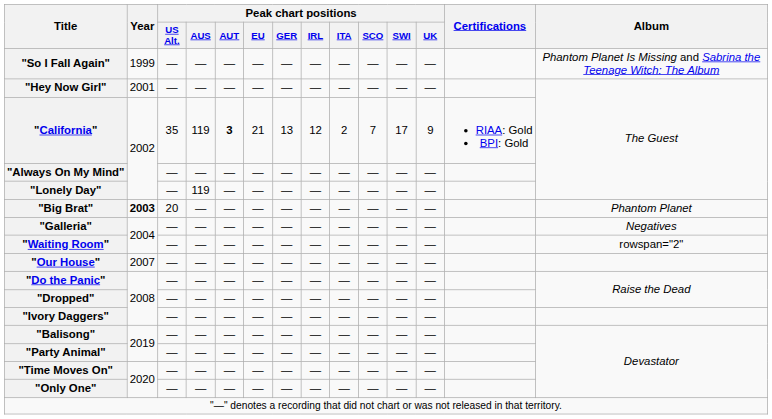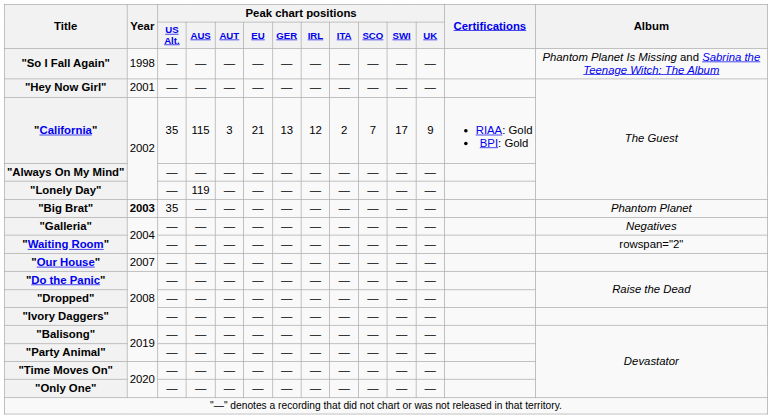 <table class="wikitable plainrowheaders" style="text-align:center;">
 <tr>
 <th scope="col" rowspan="2">Title</th>
 <th scope="col" rowspan="2">Year</th>
 <th scope="col" colspan="10">Peak chart positions</th>
 <th scope="col" rowspan="2"><a href='#'>Certifications</a></th>
 <th scope="col" rowspan="2" style="width:20em;">Album</th>
 </tr>
 <tr>
 <th scope="col" style="width:2.5em;font-size:85%;"><a href='#'>US<br>Alt.</a><br></th>
 <th scope="col" style="width:2.5em;font-size:85%;"><a href='#'>AUS</a><br></th>
 <th scope="col" style="width:2.5em;font-size:85%;"><a href='#'>AUT</a><br></th>
 <th scope="col" style="width:2.5em;font-size:85%;"><a href='#'>EU</a><br></th>
 <th scope="col" style="width:2.5em;font-size:85%;"><a href='#'>GER</a><br></th>
 <th scope="col" style="width:2.5em;font-size:85%;"><a href='#'>IRL</a><br></th>
 <th scope="col" style="width:2.5em;font-size:85%;"><a href='#'>ITA</a><br></th>
 <th scope="col" style="width:2.5em;font-size:85%;"><a href='#'>SCO</a><br></th>
 <th scope="col" style="width:2.5em;font-size:85%;"><a href='#'>SWI</a><br></th>
 <th scope="col" style="width:2.5em;font-size:85%;"><a href='#'>UK</a><br></th>
 </tr>
 <tr>
 <th scope="row">"So I Fall Again"</th>
-<td>1999</td>
+<td>1998</td>
 <td>—</td>
 <td>—</td>
 <td>—</td>
 <td>—</td>
 <td>—</td>
 <td>—</td>
 <td>—</td>
 <td>—</td>
 <td>—</td>
 <td>—</td>
 <td></td>
 <td><em>Phantom Planet Is Missing</em> and <em><a href='#'>Sabrina the Teenage Witch: The Album</a></em></td>
 </tr>
 <tr>
 <th scope="row">"Hey Now Girl"</th>
 <td>2001</td>
 <td>—</td>
 <td>—</td>
 <td>—</td>
 <td>—</td>
 <td>—</td>
 <td>—</td>
 <td>—</td>
 <td>—</td>
 <td>—</td>
 <td>—</td>
 <td></td>
 <td rowspan="4"><em>The Guest</em></td>
 </tr>
 <tr>
 <th scope="row">"<a href='#'>California</a>"</th>
 <td rowspan="3">2002</td>
 <td>35</td>
-<td>119</td>
-<td><strong>3</strong></td>
+<td>115</td>
+<td>3</td>
 <td>21</td>
 <td>13</td>
 <td>12</td>
 <td>2</td>
 <td>7</td>
 <td>17</td>
 <td>9</td>
 <td><br><ul><li><a href='#'>RIAA</a>: Gold</li><li><a href='#'>BPI</a>: Gold</li></ul></td>
 </tr>
 <tr>
 <th scope="row">"Always On My Mind"</th>
 <td>—</td>
 <td>—</td>
 <td>—</td>
 <td>—</td>
 <td>—</td>
 <td>—</td>
 <td>—</td>
 <td>—</td>
 <td>—</td>
 <td>—</td>
 <td></td>
 </tr>
 <tr>
 <th scope="row">"Lonely Day"</th>
 <td>—</td>
 <td>119</td>
 <td>—</td>
 <td>—</td>
 <td>—</td>
 <td>—</td>
 <td>—</td>
 <td>—</td>
 <td>—</td>
 <td>—</td>
 <td></td>
 </tr>
 <tr>
 <th scope="row">"Big Brat"</th>
 <td><strong>2003</strong></td>
-<td>20</td>
+<td>35</td>
 <td>—</td>
 <td>—</td>
 <td>—</td>
 <td>—</td>
 <td>—</td>
 <td>—</td>
 <td>—</td>
 <td>—</td>
 <td>—</td>
 <td></td>
 <td><em>Phantom Planet</em></td>
 </tr>
 <tr>
 <th scope="row">"Galleria"</th>
 <td rowspan="2">2004</td>
 <td>—</td>
 <td>—</td>
 <td>—</td>
 <td>—</td>
 <td>—</td>
 <td>—</td>
 <td>—</td>
 <td>—</td>
 <td>—</td>
 <td>—</td>
 <td></td>
 <td><em>Negatives</em></td>
 </tr>
 <tr>
 <th scope="row">"<a href='#'>Waiting Room</a>"</th>
 <td>—</td>
 <td>—</td>
 <td>—</td>
 <td>—</td>
 <td>—</td>
 <td>—</td>
 <td>—</td>
 <td>—</td>
 <td>—</td>
 <td>—</td>
 <td></td>
 <td>rowspan="2" </td>
 </tr>
 <tr>
 <th scope="row">"<a href='#'>Our House</a>"</th>
 <td>2007</td>
 <td>—</td>
 <td>—</td>
 <td>—</td>
 <td>—</td>
 <td>—</td>
 <td>—</td>
 <td>—</td>
 <td>—</td>
 <td>—</td>
 <td>—</td>
 <td></td>
 </tr>
 <tr>
 <th scope="row">"<a href='#'>Do the Panic</a>"</th>
 <td rowspan="3">2008</td>
 <td>—</td>
 <td>—</td>
 <td>—</td>
 <td>—</td>
 <td>—</td>
 <td>—</td>
 <td>—</td>
 <td>—</td>
 <td>—</td>
 <td>—</td>
 <td></td>
 <td rowspan="2"><em>Raise the Dead</em></td>
 </tr>
 <tr>
 <th scope="row">"Dropped"</th>
 <td>—</td>
 <td>—</td>
 <td>—</td>
 <td>—</td>
 <td>—</td>
 <td>—</td>
 <td>—</td>
 <td>—</td>
 <td>—</td>
 <td>—</td>
 <td></td>
 </tr>
 <tr>
 <th scope="row">"Ivory Daggers"</th>
 <td>—</td>
 <td>—</td>
 <td>—</td>
 <td>—</td>
 <td>—</td>
 <td>—</td>
 <td>—</td>
 <td>—</td>
 <td>—</td>
 <td>—</td>
 <td></td>
 <td></td>
 </tr>
 <tr>
 <th scope="row">"Balisong"</th>
 <td rowspan="2">2019</td>
 <td>—</td>
 <td>—</td>
 <td>—</td>
 <td>—</td>
 <td>—</td>
 <td>—</td>
 <td>—</td>
 <td>—</td>
 <td>—</td>
 <td>—</td>
 <td></td>
 <td rowspan="4"><em>Devastator</em></td>
 </tr>
 <tr>
 <th scope="row">"Party Animal"</th>
 <td>—</td>
 <td>—</td>
 <td>—</td>
 <td>—</td>
 <td>—</td>
 <td>—</td>
 <td>—</td>
 <td>—</td>
 <td>—</td>
 <td>—</td>
 <td></td>
 </tr>
 <tr>
 <th scope="row">"Time Moves On"</th>
 <td rowspan="2">2020</td>
 <td>—</td>
 <td>—</td>
 <td>—</td>
 <td>—</td>
 <td>—</td>
 <td>—</td>
 <td>—</td>
 <td>—</td>
 <td>—</td>
 <td>—</td>
 <td></td>
 </tr>
 <tr>
 <th scope="row">"Only One"</th>
 <td>—</td>
 <td>—</td>
 <td>—</td>
 <td>—</td>
 <td>—</td>
 <td>—</td>
 <td>—</td>
 <td>—</td>
 <td>—</td>
 <td>—</td>
 <td></td>
 </tr>
 <tr>
 <td colspan="14" style="font-size:90%">"—" denotes a recording that did not chart or was not released in that territory.</td>
 </tr>
 </table>
